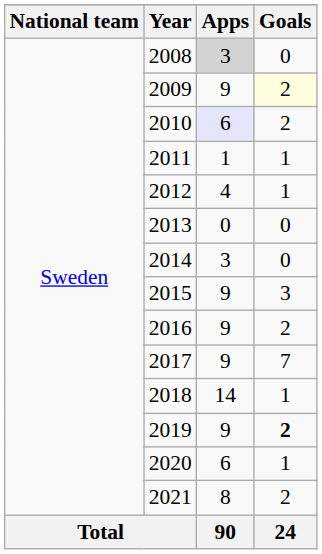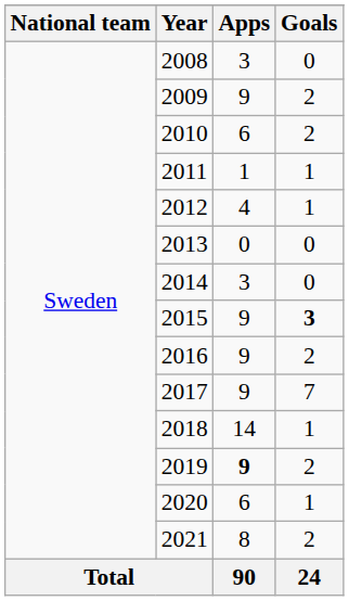 <table class="wikitable" style="text-align:center">
 <tr>
 </tr>
 <tr>
 <th>National team</th>
 <th>Year</th>
 <th>Apps</th>
 <th>Goals</th>
 </tr>
 <tr>
 <td rowspan="14"><a href='#'>Sweden</a></td>
 <td>2008</td>
-<td style="background: lightgrey;">3</td>
+<td>3</td>
 <td>0</td>
 </tr>
 <tr>
 <td>2009</td>
 <td>9</td>
-<td style="background: lightyellow;">2</td>
+<td>2</td>
 </tr>
 <tr>
 <td>2010</td>
-<td style="background: lavender;">6</td>
+<td>6</td>
 <td>2</td>
 </tr>
 <tr>
 <td>2011</td>
 <td>1</td>
 <td>1</td>
 </tr>
 <tr>
 <td>2012</td>
 <td>4</td>
 <td>1</td>
 </tr>
 <tr>
 <td>2013</td>
 <td>0</td>
 <td>0</td>
 </tr>
 <tr>
 <td>2014</td>
 <td>3</td>
 <td>0</td>
 </tr>
 <tr>
 <td>2015</td>
 <td>9</td>
-<td>3</td>
+<td><strong>3</strong></td>
 </tr>
 <tr>
 <td>2016</td>
 <td>9</td>
 <td>2</td>
 </tr>
 <tr>
 <td>2017</td>
 <td>9</td>
 <td>7</td>
 </tr>
 <tr>
 <td>2018</td>
 <td>14</td>
 <td>1</td>
 </tr>
 <tr>
 <td>2019</td>
-<td>9</td>
-<td><strong>2</strong></td>
+<td><strong>9</strong></td>
+<td>2</td>
 </tr>
 <tr>
 <td>2020</td>
 <td>6</td>
 <td>1</td>
 </tr>
 <tr>
 <td>2021</td>
 <td>8</td>
 <td>2</td>
 </tr>
 <tr>
 <th colspan="2">Total</th>
 <th>90</th>
 <th>24</th>
 </tr>
 </table>
